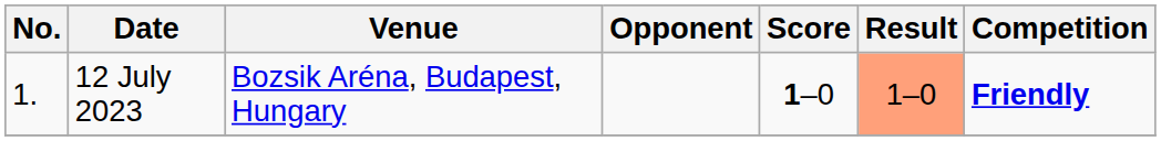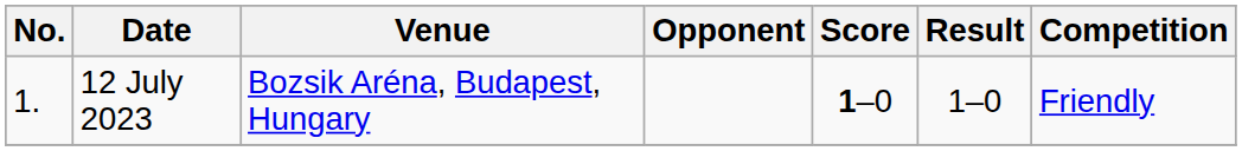 <table class="wikitable">
 <tr>
 <th>No.</th>
 <th>Date</th>
 <th>Venue</th>
 <th>Opponent</th>
 <th>Score</th>
 <th>Result</th>
 <th>Competition</th>
 </tr>
 <tr>
 <td>1.</td>
 <td>12 July 2023</td>
 <td><a href='#'>Bozsik Aréna</a>, <a href='#'>Budapest</a>, <a href='#'>Hungary</a></td>
 <td></td>
 <td align=center><strong>1</strong>–0</td>
-<td align=center style="background: lightsalmon;">1–0</td>
-<td><strong><a href='#'>Friendly</a></strong></td>
+<td align=center>1–0</td>
+<td><a href='#'>Friendly</a></td>
 </tr>
 <tr>
 </tr>
 </table>
